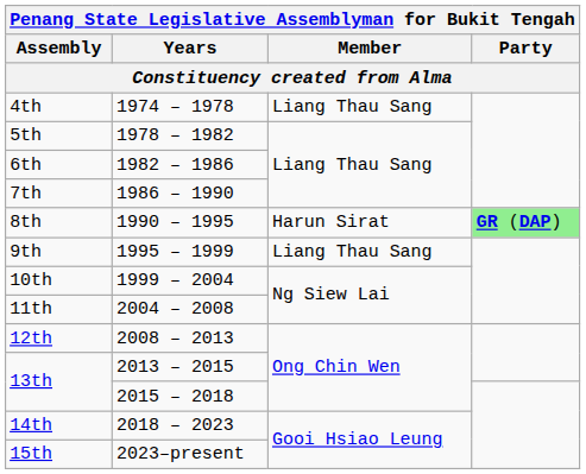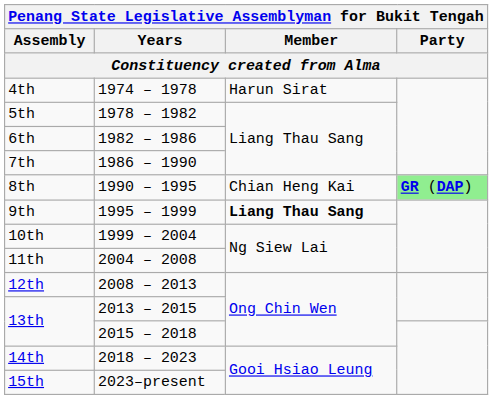 <table class="wikitable">
 <tr>
 <th colspan="4"><a href='#'>Penang State Legislative Assemblyman</a> for Bukit Tengah</th>
 </tr>
 <tr>
 <th>Assembly</th>
 <th>Years</th>
 <th>Member</th>
 <th>Party</th>
 </tr>
 <tr>
 <th colspan="4" align="center"><em>Constituency created from Alma</em></th>
 </tr>
 <tr>
 <td>4th</td>
 <td>1974 – 1978</td>
-<td>Liang Thau Sang</td>
+<td>Harun Sirat</td>
 <td rowspan="4"></td>
 </tr>
 <tr>
 <td>5th</td>
 <td>1978 – 1982</td>
 <td rowspan="3">Liang Thau Sang</td>
 </tr>
 <tr>
 <td>6th</td>
 <td>1982 – 1986</td>
 </tr>
 <tr>
 <td>7th</td>
 <td>1986 – 1990</td>
 </tr>
 <tr>
 <td>8th</td>
 <td>1990 – 1995</td>
-<td>Harun Sirat</td>
+<td>Chian Heng Kai</td>
 <td style="background: lightgreen;"><strong><a href='#'>GR</a></strong> (<strong><a href='#'>DAP</a></strong>)</td>
 </tr>
 <tr>
 <td>9th</td>
 <td>1995 – 1999</td>
-<td>Liang Thau Sang</td>
+<td><strong>Liang Thau Sang</strong></td>
 <td rowspan="3"></td>
 </tr>
 <tr>
 <td>10th</td>
 <td>1999 – 2004</td>
 <td rowspan="2">Ng Siew Lai</td>
 </tr>
 <tr>
 <td>11th</td>
 <td>2004 – 2008</td>
 </tr>
 <tr>
 <td><a href='#'>12th</a></td>
 <td>2008 – 2013</td>
 <td rowspan=3><a href='#'>Ong Chin Wen</a></td>
 <td rowspan=2></td>
 </tr>
 <tr>
 <td rowspan=2><a href='#'>13th</a></td>
 <td>2013 – 2015</td>
 </tr>
 <tr>
 <td>2015 – 2018</td>
 <td rowspan=3></td>
 </tr>
 <tr>
 <td><a href='#'>14th</a></td>
 <td>2018 – 2023</td>
 <td rowspan="2"><a href='#'>Gooi Hsiao Leung</a></td>
 </tr>
 <tr>
 <td><a href='#'>15th</a></td>
 <td>2023–present</td>
 </tr>
 </table>
